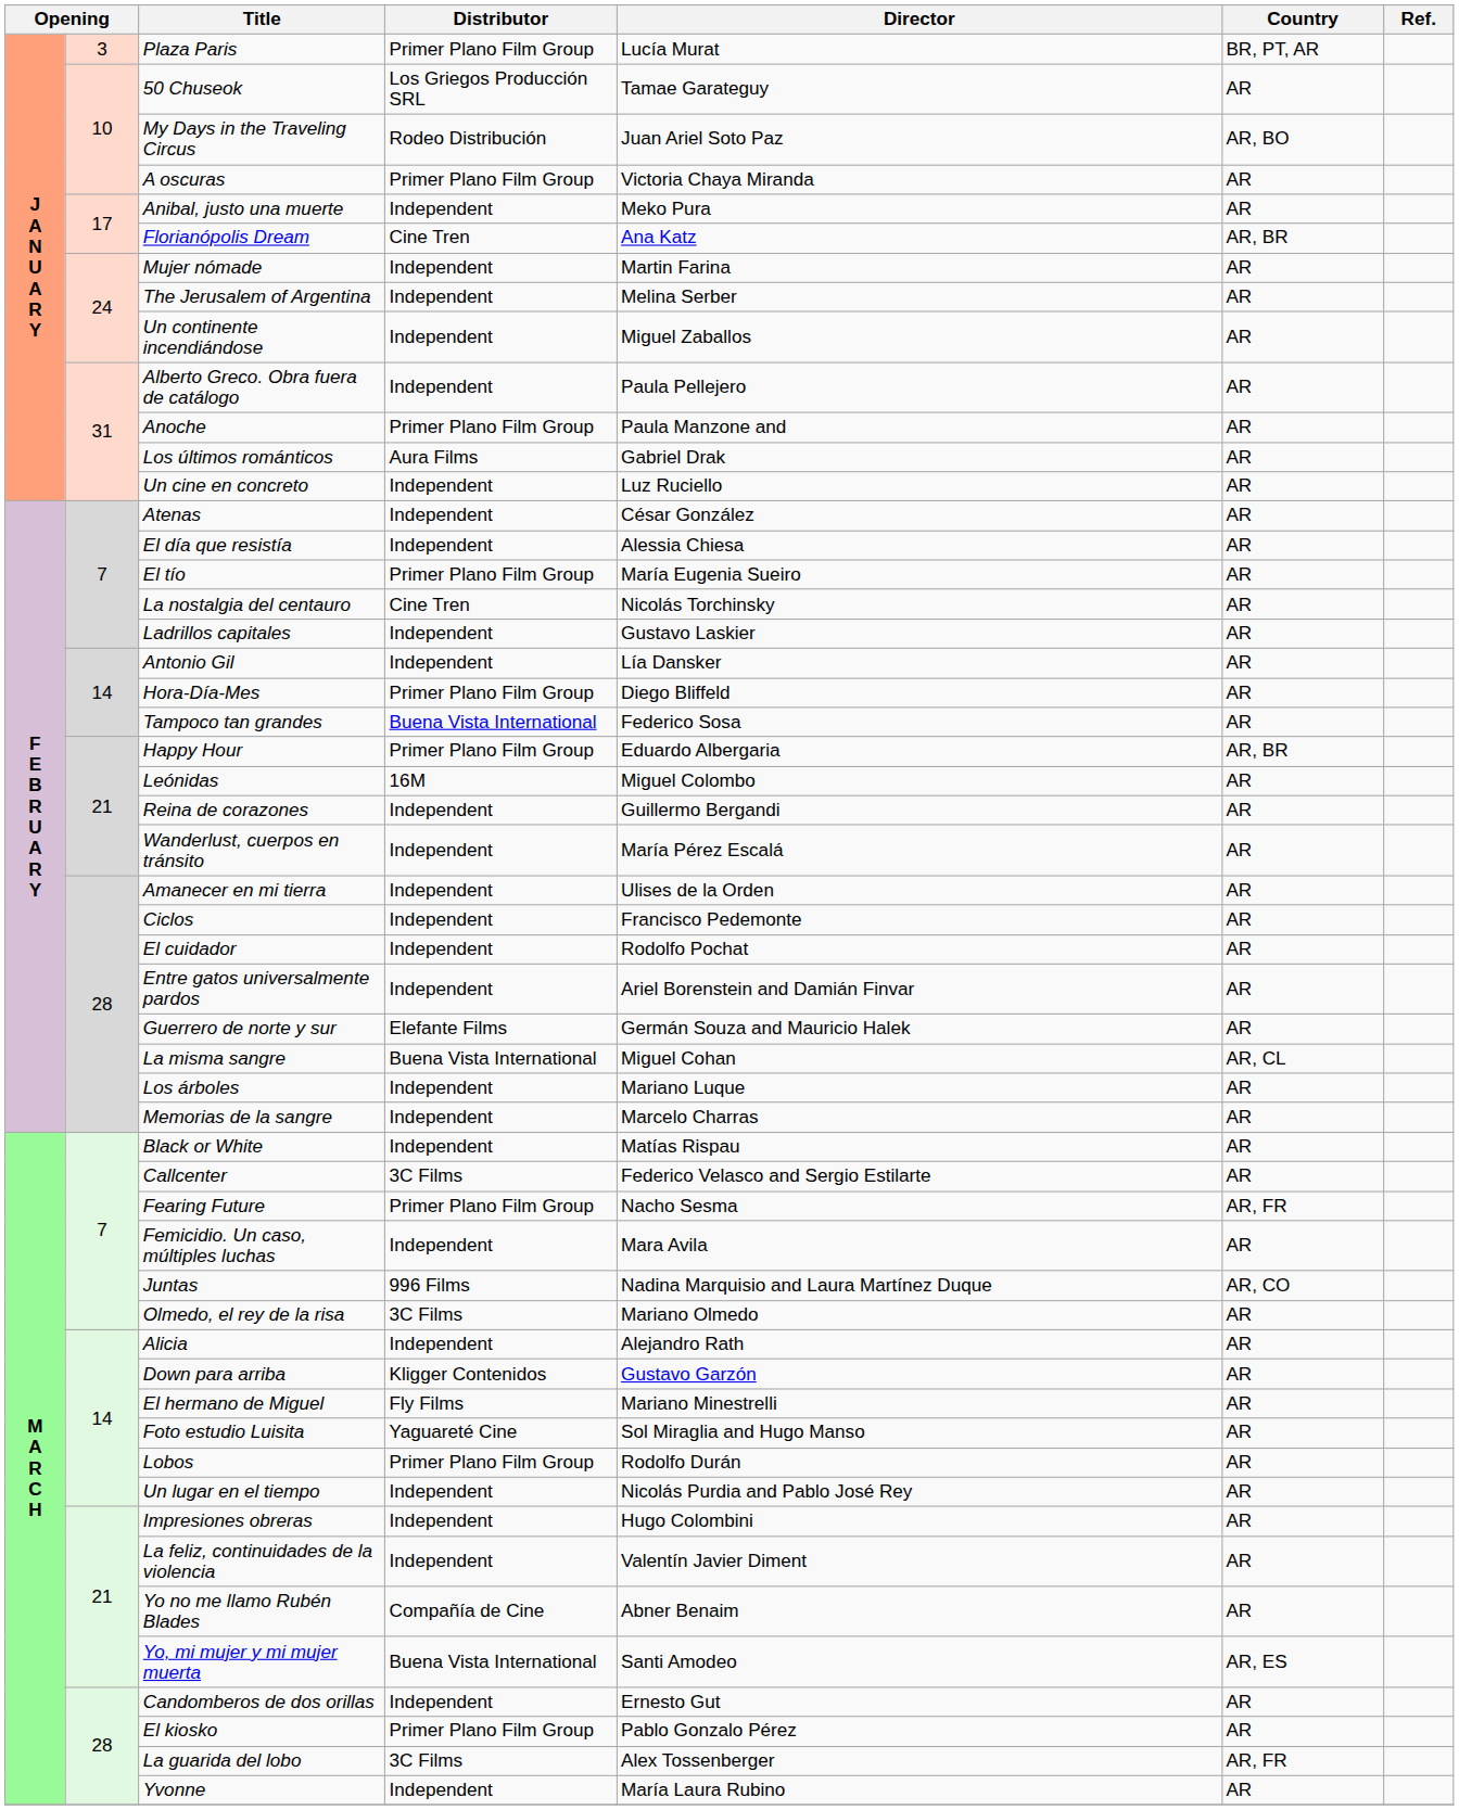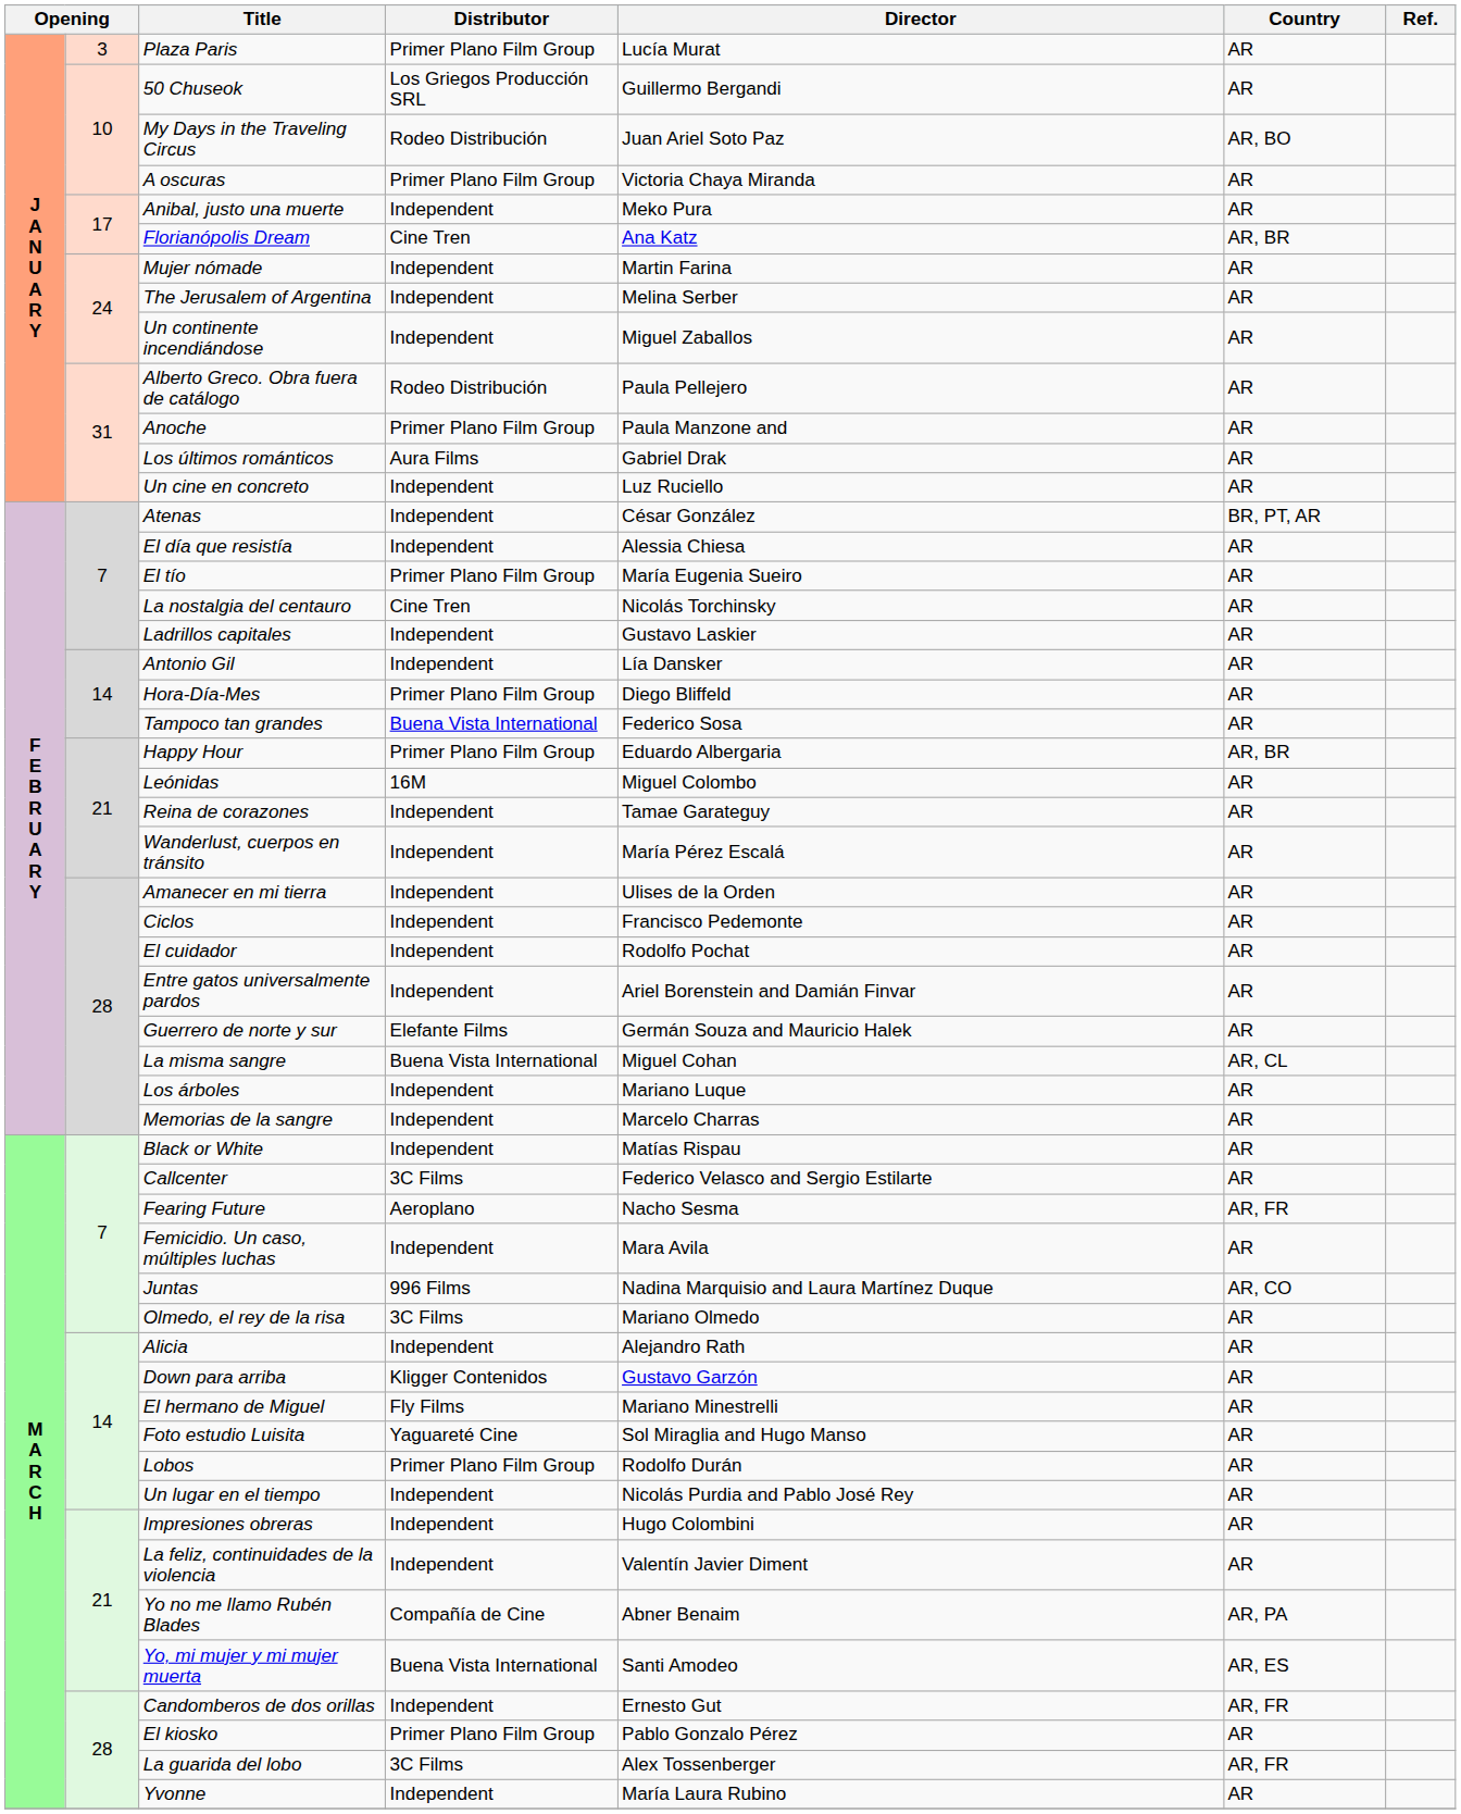 <table class="wikitable sortable">
 <tr style="background:#b0e0e6; text-align:center;">
 <th colspan="2">Opening</th>
 <th style="width:17%;">Title</th>
 <th style="width:16%;">Distributor</th>
 <th>Director</th>
 <th>Country</th>
 <th>Ref.</th>
 </tr>
 <tr>
 <th rowspan="13" style="text-align:center; background:#ffa07a; textcolor:#000;">J<br>A<br>N<br>U<br>A<br>R<br>Y</th>
 <td style="text-align:center; background:#ffdacc;">3</td>
 <td><em>Plaza Paris</em></td>
 <td>Primer Plano Film Group</td>
 <td>Lucía Murat</td>
-<td>BR, PT, AR</td>
+<td>AR</td>
 <td></td>
 </tr>
 <tr>
 <td rowspan="3" style="text-align:center; background:#ffdacc;">10</td>
 <td><em>50 Chuseok</em></td>
 <td>Los Griegos Producción SRL</td>
-<td>Tamae Garateguy</td>
+<td>Guillermo Bergandi</td>
 <td>AR</td>
 <td></td>
 </tr>
 <tr>
 <td><em>My Days in the Traveling Circus</em></td>
 <td>Rodeo Distribución</td>
 <td>Juan Ariel Soto Paz</td>
 <td>AR, BO</td>
 <td></td>
 </tr>
 <tr>
 <td><em>A oscuras</em></td>
 <td>Primer Plano Film Group</td>
 <td>Victoria Chaya Miranda</td>
 <td>AR</td>
 <td></td>
 </tr>
 <tr>
 <td rowspan="2" style="text-align:center; background:#ffdacc;">17</td>
 <td><em>Anibal, justo una muerte</em></td>
 <td>Independent</td>
 <td>Meko Pura</td>
 <td>AR</td>
 <td></td>
 </tr>
 <tr>
 <td><em><a href='#'>Florianópolis Dream</a></em></td>
 <td>Cine Tren</td>
 <td><a href='#'>Ana Katz</a></td>
 <td>AR, BR</td>
 <td></td>
 </tr>
 <tr>
 <td rowspan="3" style="text-align:center; background:#ffdacc;">24</td>
 <td><em>Mujer nómade</em></td>
 <td>Independent</td>
 <td>Martin Farina</td>
 <td>AR</td>
 <td></td>
 </tr>
 <tr>
 <td><em>The Jerusalem of Argentina</em></td>
 <td>Independent</td>
 <td>Melina Serber</td>
 <td>AR</td>
 <td></td>
 </tr>
 <tr>
 <td><em>Un continente incendiándose</em></td>
 <td>Independent</td>
 <td>Miguel Zaballos</td>
 <td>AR</td>
 <td></td>
 </tr>
 <tr>
 <td rowspan="4" style="text-align:center; background:#ffdacc;">31</td>
 <td><em>Alberto Greco. Obra fuera de catálogo</em></td>
-<td>Independent</td>
+<td>Rodeo Distribución</td>
 <td>Paula Pellejero</td>
 <td>AR</td>
 <td></td>
 </tr>
 <tr>
 <td><em>Anoche</em></td>
 <td>Primer Plano Film Group</td>
 <td>Paula Manzone and </td>
 <td>AR</td>
 <td></td>
 </tr>
 <tr>
 <td><em>Los últimos románticos</em></td>
 <td>Aura Films</td>
 <td>Gabriel Drak</td>
 <td>AR</td>
 <td></td>
 </tr>
 <tr>
 <td><em>Un cine en concreto</em></td>
 <td>Independent</td>
 <td>Luz Ruciello</td>
 <td>AR</td>
 <td></td>
 </tr>
 <tr>
 <th rowspan="20" style="text-align:center; background:thistle; textcolor:#000;">F<br>E<br>B<br>R<br>U<br>A<br>R<br>Y</th>
 <td rowspan="5" style="text-align:center; background:#d8d8d8;">7</td>
 <td><em>Atenas</em></td>
 <td>Independent</td>
 <td>César González</td>
-<td>AR</td>
+<td>BR, PT, AR</td>
 <td></td>
 </tr>
 <tr>
 <td><em>El día que resistía</em></td>
 <td>Independent</td>
 <td>Alessia Chiesa</td>
 <td>AR</td>
 <td></td>
 </tr>
 <tr>
 <td><em>El tío</em></td>
 <td>Primer Plano Film Group</td>
 <td>María Eugenia Sueiro</td>
 <td>AR</td>
 <td></td>
 </tr>
 <tr>
 <td><em>La nostalgia del centauro</em></td>
 <td>Cine Tren </td>
 <td>Nicolás Torchinsky</td>
 <td>AR</td>
 <td></td>
 </tr>
 <tr>
 <td><em>Ladrillos capitales</em></td>
 <td>Independent</td>
 <td>Gustavo Laskier</td>
 <td>AR</td>
 <td></td>
 </tr>
 <tr>
 <td rowspan="3" style="text-align:center; background:#d8d8d8;">14</td>
 <td><em>Antonio Gil</em></td>
 <td>Independent</td>
 <td>Lía Dansker</td>
 <td>AR</td>
 <td></td>
 </tr>
 <tr>
 <td><em>Hora-Día-Mes</em></td>
 <td>Primer Plano Film Group</td>
 <td>Diego Bliffeld</td>
 <td>AR</td>
 <td></td>
 </tr>
 <tr>
 <td><em>Tampoco tan grandes</em></td>
 <td><a href='#'>Buena Vista International</a></td>
 <td>Federico Sosa</td>
 <td>AR</td>
 <td></td>
 </tr>
 <tr>
 <td rowspan="4" style="text-align:center; background:#d8d8d8;">21</td>
 <td><em>Happy Hour</em></td>
 <td>Primer Plano Film Group</td>
 <td>Eduardo Albergaria</td>
 <td>AR, BR</td>
 <td></td>
 </tr>
 <tr>
 <td><em>Leónidas</em></td>
 <td>16M</td>
 <td>Miguel Colombo</td>
 <td>AR</td>
 <td></td>
 </tr>
 <tr>
 <td><em>Reina de corazones</em></td>
 <td>Independent</td>
-<td>Guillermo Bergandi</td>
+<td>Tamae Garateguy</td>
 <td>AR</td>
 <td></td>
 </tr>
 <tr>
 <td><em>Wanderlust, cuerpos en tránsito</em></td>
 <td>Independent</td>
 <td>María Pérez Escalá</td>
 <td>AR</td>
 <td></td>
 </tr>
 <tr>
 <td rowspan="8" style="text-align:center; background:#d8d8d8;">28</td>
 <td><em>Amanecer en mi tierra</em></td>
 <td>Independent</td>
 <td>Ulises de la Orden</td>
 <td>AR</td>
 <td></td>
 </tr>
 <tr>
 <td><em>Ciclos</em></td>
 <td>Independent</td>
 <td>Francisco Pedemonte</td>
 <td>AR</td>
 <td></td>
 </tr>
 <tr>
 <td><em>El cuidador</em></td>
 <td>Independent</td>
 <td>Rodolfo Pochat</td>
 <td>AR</td>
 <td></td>
 </tr>
 <tr>
 <td><em>Entre gatos universalmente pardos</em></td>
 <td>Independent</td>
 <td>Ariel Borenstein and Damián Finvar</td>
 <td>AR</td>
 <td></td>
 </tr>
 <tr>
 <td><em>Guerrero de norte y sur</em></td>
 <td>Elefante Films </td>
 <td>Germán Souza and Mauricio Halek</td>
 <td>AR</td>
 <td></td>
 </tr>
 <tr>
 <td><em>La misma sangre</em></td>
 <td>Buena Vista International</td>
 <td>Miguel Cohan</td>
 <td>AR, CL</td>
 <td></td>
 </tr>
 <tr>
 <td><em>Los árboles</em></td>
 <td>Independent</td>
 <td>Mariano Luque</td>
 <td>AR</td>
 <td></td>
 </tr>
 <tr>
 <td><em>Memorias de la sangre</em></td>
 <td>Independent</td>
 <td>Marcelo Charras</td>
 <td>AR</td>
 <td></td>
 </tr>
 <tr>
 <th rowspan="20" style="text-align:center; background:#98fb98; textcolor:#000;">M<br>A<br>R<br>C<br>H</th>
 <td rowspan="6" style="text-align:center; background:#e0f9e0;">7</td>
 <td><em>Black or White</em></td>
 <td>Independent</td>
 <td>Matías Rispau</td>
 <td>AR</td>
 <td></td>
 </tr>
 <tr>
 <td><em>Callcenter</em></td>
 <td>3C Films</td>
 <td>Federico Velasco and Sergio Estilarte</td>
 <td>AR</td>
 <td></td>
 </tr>
 <tr>
 <td><em>Fearing Future</em></td>
-<td>Primer Plano Film Group</td>
+<td>Aeroplano</td>
 <td>Nacho Sesma</td>
 <td>AR, FR</td>
 <td></td>
 </tr>
 <tr>
 <td><em>Femicidio. Un caso, múltiples luchas</em></td>
 <td>Independent</td>
 <td>Mara Avila</td>
 <td>AR</td>
 <td></td>
 </tr>
 <tr>
 <td><em>Juntas</em></td>
 <td>996 Films</td>
 <td>Nadina Marquisio and Laura Martínez Duque</td>
 <td>AR, CO</td>
 <td></td>
 </tr>
 <tr>
 <td><em>Olmedo, el rey de la risa</em></td>
 <td>3C Films</td>
 <td>Mariano Olmedo</td>
 <td>AR</td>
 <td></td>
 </tr>
 <tr>
 <td rowspan="6" style="text-align:center; background:#e0f9e0;">14</td>
 <td><em>Alicia</em></td>
 <td>Independent</td>
 <td>Alejandro Rath</td>
 <td>AR</td>
 <td></td>
 </tr>
 <tr>
 <td><em>Down para arriba</em></td>
 <td>Kligger Contenidos</td>
 <td><a href='#'>Gustavo Garzón</a></td>
 <td>AR</td>
 <td></td>
 </tr>
 <tr>
 <td><em>El hermano de Miguel</em></td>
 <td>Fly Films</td>
 <td>Mariano Minestrelli</td>
 <td>AR</td>
 <td></td>
 </tr>
 <tr>
 <td><em>Foto estudio Luisita</em></td>
 <td>Yaguareté Cine</td>
 <td>Sol Miraglia and Hugo Manso</td>
 <td>AR</td>
 <td></td>
 </tr>
 <tr>
 <td><em> Lobos</em></td>
 <td>Primer Plano Film Group</td>
 <td>Rodolfo Durán</td>
 <td>AR</td>
 <td></td>
 </tr>
 <tr>
 <td><em>Un lugar en el tiempo</em></td>
 <td>Independent</td>
 <td>Nicolás Purdia and Pablo José Rey</td>
 <td>AR</td>
 <td></td>
 </tr>
 <tr>
 <td rowspan="4" style="text-align:center; background:#e0f9e0;">21</td>
 <td><em>Impresiones obreras</em></td>
 <td>Independent</td>
 <td>Hugo Colombini</td>
 <td>AR</td>
 <td></td>
 </tr>
 <tr>
 <td><em>La feliz, continuidades de la violencia</em></td>
 <td>Independent</td>
 <td>Valentín Javier Diment</td>
 <td>AR</td>
 <td></td>
 </tr>
 <tr>
 <td><em>Yo no me llamo Rubén Blades</em></td>
 <td>Compañía de Cine</td>
 <td>Abner Benaim</td>
-<td>AR</td>
+<td>AR, PA</td>
 <td></td>
 </tr>
 <tr>
 <td><em><a href='#'>Yo, mi mujer y mi mujer muerta</a></em></td>
 <td>Buena Vista International</td>
 <td>Santi Amodeo</td>
 <td>AR, ES</td>
 <td></td>
 </tr>
 <tr>
 <td rowspan="4" style="text-align:center; background:#e0f9e0;">28</td>
 <td><em>Candomberos de dos orillas</em></td>
 <td>Independent</td>
 <td>Ernesto Gut</td>
-<td>AR</td>
+<td>AR, FR</td>
 <td></td>
 </tr>
 <tr>
 <td><em>El kiosko</em></td>
 <td>Primer Plano Film Group</td>
 <td>Pablo Gonzalo Pérez</td>
 <td>AR</td>
 <td></td>
 </tr>
 <tr>
 <td><em>La guarida del lobo</em></td>
 <td>3C Films</td>
 <td>Alex Tossenberger</td>
 <td>AR, FR</td>
 <td></td>
 </tr>
 <tr>
 <td><em>Yvonne</em></td>
 <td>Independent</td>
 <td>María Laura Rubino</td>
 <td>AR</td>
 <td></td>
 </tr>
 <tr>
 </tr>
 </table>
